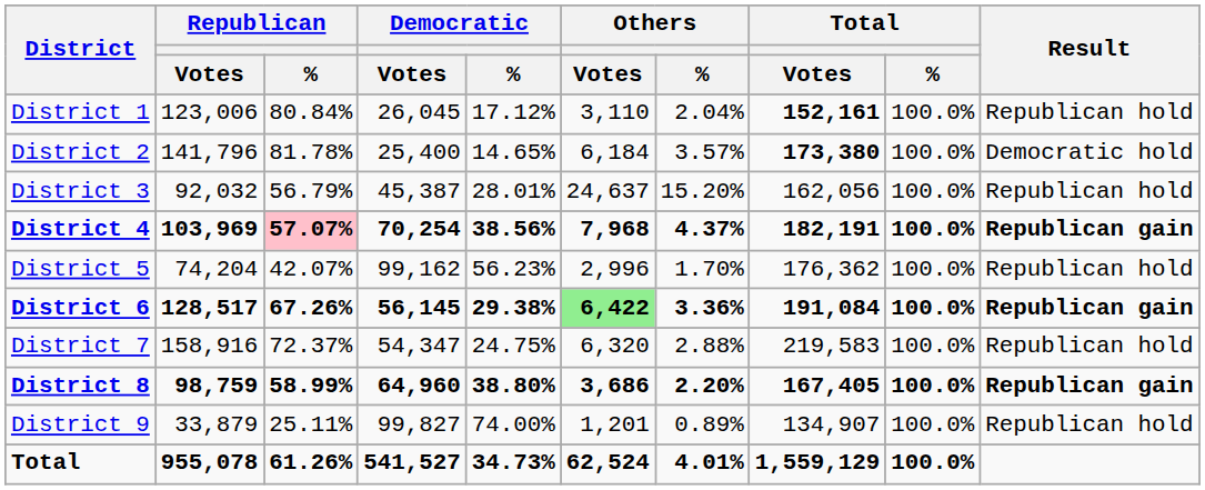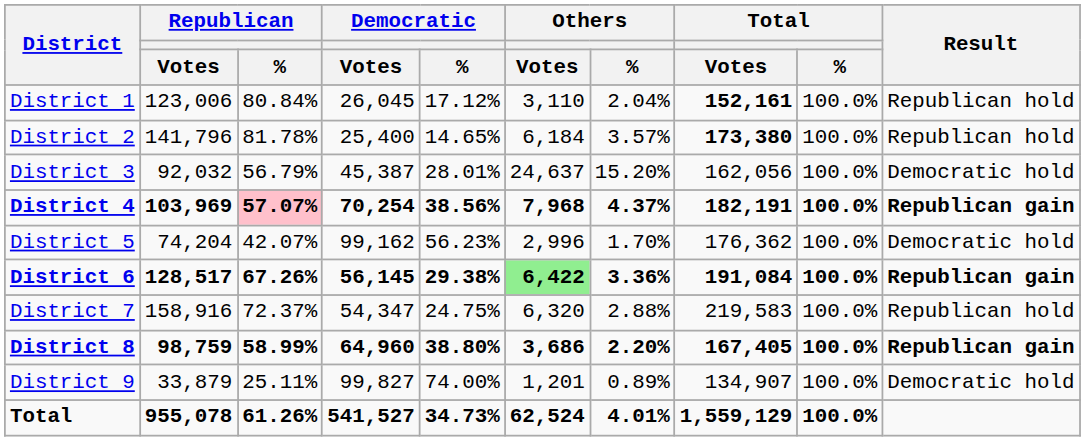 <table class="wikitable plainrowheaders sortable" style="font-size:90%; text-align:right;">
 <tr>
 <th scope=col rowspan=3><a href='#'>District</a></th>
 <th scope=col colspan=2><a href='#'>Republican</a></th>
 <th scope=col colspan=2><a href='#'>Democratic</a></th>
 <th scope=col colspan=2>Others</th>
 <th scope=col colspan=2>Total</th>
 <th scope=col rowspan=3>Result</th>
 </tr>
 <tr>
 <th scope=col colspan=2 style="background:"></th>
 <th scope=col colspan=2 style="background:"></th>
 <th scope=col colspan=2></th>
 <th scope=col colspan=2></th>
 </tr>
 <tr>
 <th scope=col data-sort-type="number">Votes</th>
 <th scope=col data-sort-type="number">%</th>
 <th scope=col data-sort-type="number">Votes</th>
 <th scope=col data-sort-type="number">%</th>
 <th scope=col data-sort-type="number">Votes</th>
 <th scope=col data-sort-type="number">%</th>
 <th scope=col data-sort-type="number">Votes</th>
 <th scope=col data-sort-type="number">%</th>
 </tr>
 <tr>
 <td align=left><a href='#'>District 1</a></td>
 <td>123,006</td>
 <td>80.84%</td>
 <td>26,045</td>
 <td>17.12%</td>
 <td>3,110</td>
 <td>2.04%</td>
 <td><strong>152,161</strong></td>
 <td>100.0%</td>
 <td align=left>Republican hold</td>
 </tr>
 <tr>
 <td align=left><a href='#'>District 2</a></td>
 <td>141,796</td>
 <td>81.78%</td>
 <td>25,400</td>
 <td>14.65%</td>
 <td>6,184</td>
 <td>3.57%</td>
 <td><strong>173,380</strong></td>
 <td>100.0%</td>
-<td align=left>Democratic hold</td>
+<td align=left>Republican hold</td>
 </tr>
 <tr>
 <td align=left><a href='#'>District 3</a></td>
 <td>92,032</td>
 <td>56.79%</td>
 <td>45,387</td>
 <td>28.01%</td>
 <td>24,637</td>
 <td>15.20%</td>
 <td>162,056</td>
 <td>100.0%</td>
-<td align=left>Republican hold</td>
+<td align=left>Democratic hold</td>
 </tr>
 <tr>
 <td align=left><strong><a href='#'>District 4</a></strong></td>
 <td><strong>103,969</strong></td>
 <td style="background: pink;"><strong>57.07%</strong></td>
 <td><strong>70,254</strong></td>
 <td><strong>38.56%</strong></td>
 <td><strong>7,968</strong></td>
 <td><strong>4.37%</strong></td>
 <td><strong>182,191</strong></td>
 <td><strong>100.0%</strong></td>
 <td align=left><strong>Republican gain</strong></td>
 </tr>
 <tr>
 <td align=left><a href='#'>District 5</a></td>
 <td>74,204</td>
 <td>42.07%</td>
 <td>99,162</td>
 <td>56.23%</td>
 <td>2,996</td>
 <td>1.70%</td>
 <td>176,362</td>
 <td>100.0%</td>
-<td align=left>Republican hold</td>
+<td align=left>Democratic hold</td>
 </tr>
 <tr>
 <td align=left><strong><a href='#'>District 6</a></strong></td>
 <td><strong>128,517</strong></td>
 <td><strong>67.26%</strong></td>
 <td><strong>56,145</strong></td>
 <td><strong>29.38%</strong></td>
 <td style="background: lightgreen;"><strong>6,422</strong></td>
 <td><strong>3.36%</strong></td>
 <td><strong>191,084</strong></td>
 <td><strong>100.0%</strong></td>
 <td align=left><strong>Republican gain</strong></td>
 </tr>
 <tr>
 <td align=left><a href='#'>District 7</a></td>
 <td>158,916</td>
 <td>72.37%</td>
 <td>54,347</td>
 <td>24.75%</td>
 <td>6,320</td>
 <td>2.88%</td>
 <td>219,583</td>
 <td>100.0%</td>
 <td align=left>Republican hold</td>
 </tr>
 <tr>
 <td align=left><strong><a href='#'>District 8</a></strong></td>
 <td><strong>98,759</strong></td>
 <td><strong>58.99%</strong></td>
 <td><strong>64,960</strong></td>
 <td><strong>38.80%</strong></td>
 <td><strong>3,686</strong></td>
 <td><strong>2.20%</strong></td>
 <td><strong>167,405</strong></td>
 <td><strong>100.0%</strong></td>
 <td align=left><strong>Republican gain</strong></td>
 </tr>
 <tr>
 <td align=left><a href='#'>District 9</a></td>
 <td>33,879</td>
 <td>25.11%</td>
 <td>99,827</td>
 <td>74.00%</td>
 <td>1,201</td>
 <td>0.89%</td>
 <td>134,907</td>
 <td>100.0%</td>
-<td align=left>Republican hold</td>
+<td align=left>Democratic hold</td>
 </tr>
 <tr class="sortbottom" style="font-weight:bold">
 <td align=left>Total</td>
 <td>955,078</td>
 <td>61.26%</td>
 <td>541,527</td>
 <td>34.73%</td>
 <td>62,524</td>
 <td>4.01%</td>
 <td>1,559,129</td>
 <td>100.0%</td>
 <td></td>
 </tr>
 </table>
